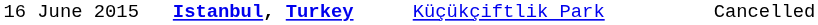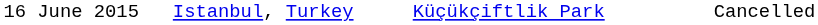 <table cellpadding="2" style="border:0 solid darkgrey; font-size:90%">
 <tr>
 <th style="width:150px;"></th>
 <th style="width:200px;"></th>
 <th style="width:250px;"></th>
 <th style="width:700px;"></th>
 </tr>
 <tr border="0">
 </tr>
 <tr>
 <td>16 June 2015</td>
-<td><strong><a href='#'>Istanbul</a>, <a href='#'>Turkey</a></strong></td>
+<td><a href='#'>Istanbul</a>, <a href='#'>Turkey</a></td>
 <td><a href='#'>Küçükçiftlik Park</a></td>
 <td>Cancelled</td>
 </tr>
 </table>
